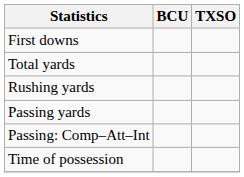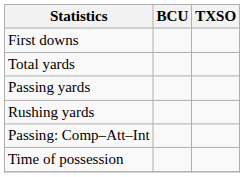 <table class="wikitable" style="float: left;">
 <tr>
 <th>Statistics</th>
 <th>BCU</th>
 <th>TXSO</th>
 </tr>
 <tr>
 <td>First downs</td>
 <td></td>
 <td></td>
 </tr>
 <tr>
 <td>Total yards</td>
 <td></td>
 <td></td>
 </tr>
 <tr>
-<td>Rushing yards</td>
+<td>Passing yards</td>
 <td></td>
 <td></td>
 </tr>
 <tr>
-<td>Passing yards</td>
+<td>Rushing yards</td>
 <td></td>
 <td></td>
 </tr>
 <tr>
 <td>Passing: Comp–Att–Int</td>
 <td></td>
 <td></td>
 </tr>
 <tr>
 <td>Time of possession</td>
 <td></td>
 <td></td>
 </tr>
 <tr>
 </tr>
 </table>
